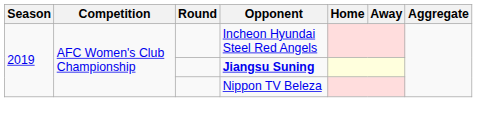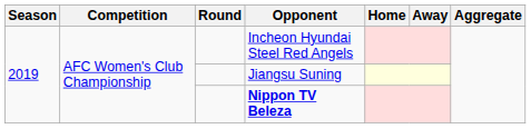 <table class="wikitable">
 <tr>
 <th>Season</th>
 <th>Competition</th>
 <th>Round</th>
 <th>Opponent</th>
 <th>Home</th>
 <th>Away</th>
 <th>Aggregate</th>
 </tr>
 <tr>
 <td rowspan="3"><a href='#'>2019</a></td>
 <td rowspan="3"><a href='#'>AFC Women's Club Championship</a></td>
 <td></td>
 <td> <a href='#'>Incheon Hyundai Steel Red Angels</a></td>
 <td colspan="2" style="background:#fdd;"></td>
 <td rowspan="3"></td>
 </tr>
 <tr>
 <td></td>
-<td><strong> <a href='#'>Jiangsu Suning</a></strong></td>
+<td> <a href='#'>Jiangsu Suning</a></td>
 <td colspan="2" style="background:#ffd;"></td>
 </tr>
 <tr>
 <td></td>
-<td> <a href='#'>Nippon TV Beleza</a></td>
+<td><strong> <a href='#'>Nippon TV Beleza</a></strong></td>
 <td colspan="2" style="background:#fdd;"></td>
 </tr>
 </table>
